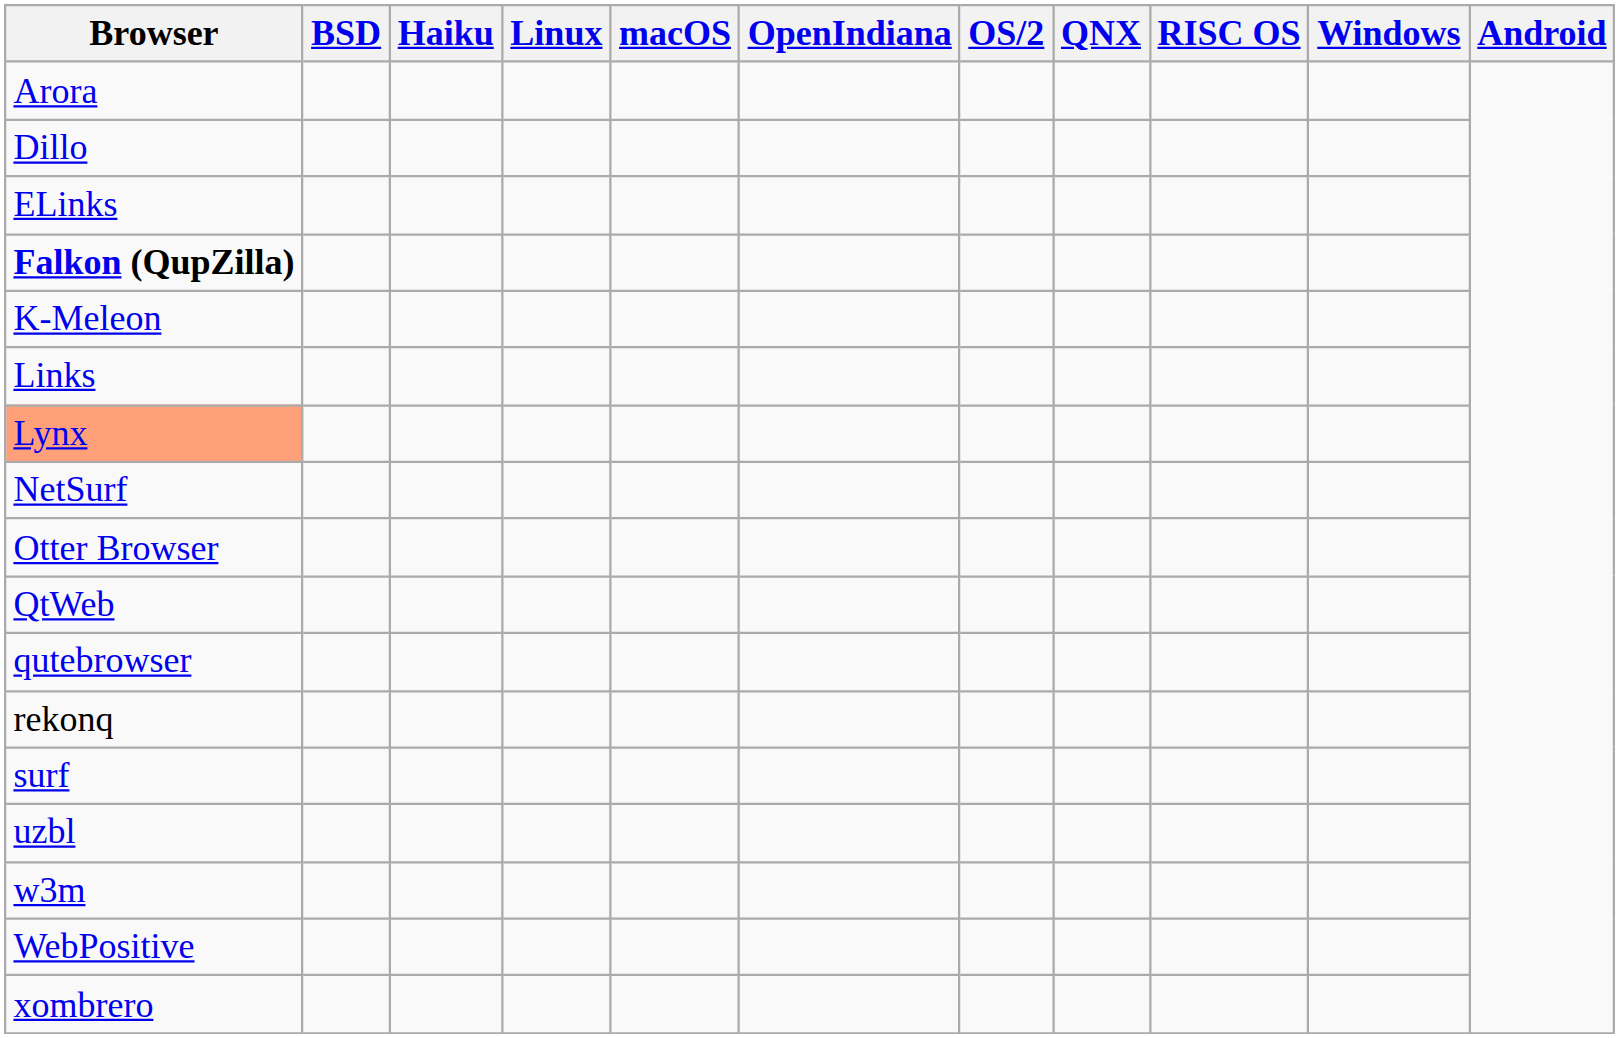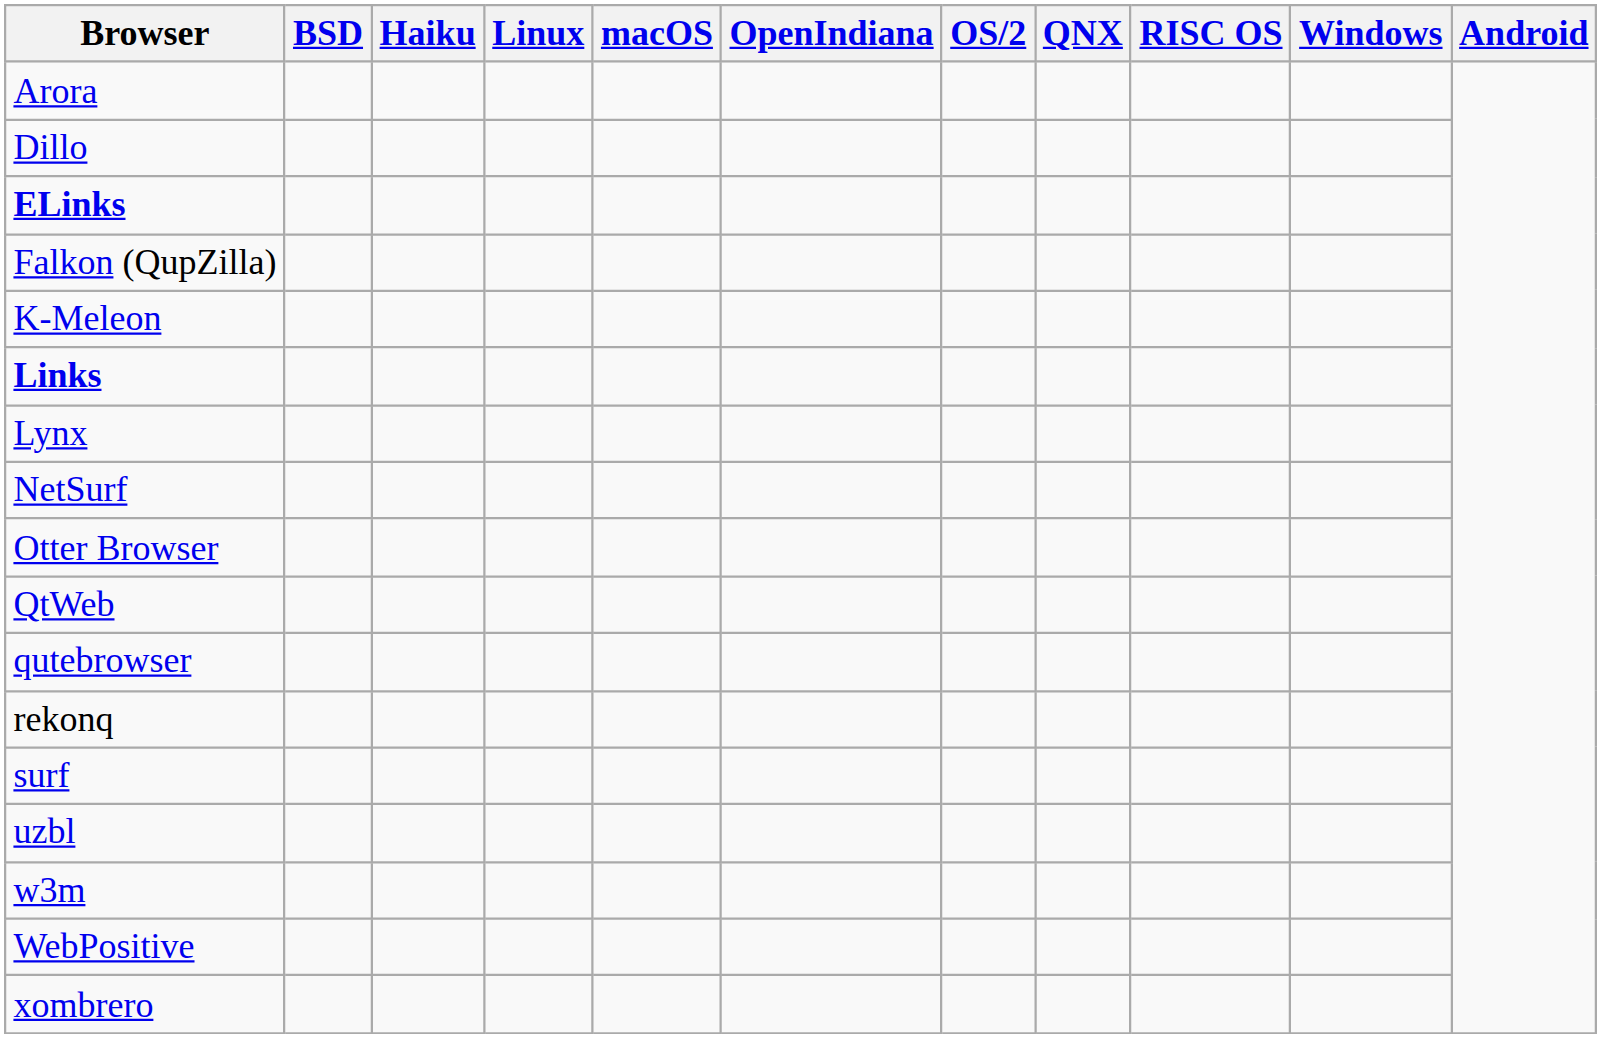 <table class="wikitable sortable">
 <tr>
 <th>Browser</th>
 <th><a href='#'>BSD</a></th>
 <th><a href='#'>Haiku</a></th>
 <th><a href='#'>Linux</a></th>
 <th><a href='#'>macOS</a></th>
 <th><a href='#'>OpenIndiana</a></th>
 <th><a href='#'>OS/2</a></th>
 <th><a href='#'>QNX</a></th>
 <th><a href='#'>RISC OS</a></th>
 <th><a href='#'>Windows</a></th>
 <th><a href='#'>Android</a></th>
 </tr>
 <tr>
 <td><a href='#'>Arora</a></td>
 <td></td>
 <td></td>
 <td></td>
 <td></td>
 <td></td>
 <td></td>
 <td></td>
 <td></td>
 <td></td>
 </tr>
 <tr>
 <td><a href='#'>Dillo</a></td>
 <td></td>
 <td></td>
 <td></td>
 <td></td>
 <td></td>
 <td></td>
 <td></td>
 <td></td>
 <td></td>
 </tr>
 <tr>
-<td><a href='#'>ELinks</a></td>
+<td><strong><a href='#'>ELinks</a></strong></td>
 <td></td>
 <td></td>
 <td></td>
 <td></td>
 <td></td>
 <td></td>
 <td></td>
 <td></td>
 <td></td>
 </tr>
 <tr>
-<td><strong><a href='#'>Falkon</a> (QupZilla)</strong></td>
+<td><a href='#'>Falkon</a> (QupZilla)</td>
 <td></td>
 <td></td>
 <td></td>
 <td></td>
 <td></td>
 <td></td>
 <td></td>
 <td></td>
 <td></td>
 </tr>
 <tr>
 <td><a href='#'>K-Meleon</a></td>
 <td></td>
 <td></td>
 <td></td>
 <td></td>
 <td></td>
 <td></td>
 <td></td>
 <td></td>
 <td></td>
 </tr>
 <tr>
-<td><a href='#'>Links</a></td>
+<td><strong><a href='#'>Links</a></strong></td>
 <td></td>
 <td></td>
 <td></td>
 <td></td>
 <td></td>
 <td></td>
 <td></td>
 <td></td>
 <td></td>
 </tr>
 <tr>
-<td style="background: lightsalmon;"><a href='#'>Lynx</a></td>
+<td><a href='#'>Lynx</a></td>
 <td></td>
 <td></td>
 <td></td>
 <td></td>
 <td></td>
 <td></td>
 <td></td>
 <td></td>
 <td></td>
 </tr>
 <tr>
 <td><a href='#'>NetSurf</a></td>
 <td></td>
 <td></td>
 <td></td>
 <td></td>
 <td></td>
 <td></td>
 <td></td>
 <td></td>
 <td></td>
 </tr>
 <tr>
 <td><a href='#'>Otter Browser</a></td>
 <td></td>
 <td></td>
 <td></td>
 <td></td>
 <td></td>
 <td></td>
 <td></td>
 <td></td>
 <td></td>
 </tr>
 <tr>
 <td><a href='#'>QtWeb</a></td>
 <td></td>
 <td></td>
 <td></td>
 <td></td>
 <td></td>
 <td></td>
 <td></td>
 <td></td>
 <td></td>
 </tr>
 <tr>
 <td><a href='#'>qutebrowser</a></td>
 <td></td>
 <td></td>
 <td></td>
 <td></td>
 <td></td>
 <td></td>
 <td></td>
 <td></td>
 <td></td>
 </tr>
 <tr>
 <td>rekonq</td>
 <td></td>
 <td></td>
 <td></td>
 <td></td>
 <td></td>
 <td></td>
 <td></td>
 <td></td>
 <td></td>
 </tr>
 <tr>
 <td><a href='#'>surf</a></td>
 <td></td>
 <td></td>
 <td></td>
 <td></td>
 <td></td>
 <td></td>
 <td></td>
 <td></td>
 <td></td>
 </tr>
 <tr>
 <td><a href='#'>uzbl</a></td>
 <td></td>
 <td></td>
 <td></td>
 <td></td>
 <td></td>
 <td></td>
 <td></td>
 <td></td>
 <td></td>
 </tr>
 <tr>
 <td><a href='#'>w3m</a></td>
 <td></td>
 <td></td>
 <td></td>
 <td></td>
 <td></td>
 <td></td>
 <td></td>
 <td></td>
 <td></td>
 </tr>
 <tr>
 <td><a href='#'>WebPositive</a></td>
 <td></td>
 <td></td>
 <td></td>
 <td></td>
 <td></td>
 <td></td>
 <td></td>
 <td></td>
 <td></td>
 </tr>
 <tr>
 <td><a href='#'>xombrero</a></td>
 <td></td>
 <td></td>
 <td></td>
 <td></td>
 <td></td>
 <td></td>
 <td></td>
 <td></td>
 <td></td>
 </tr>
 </table>
